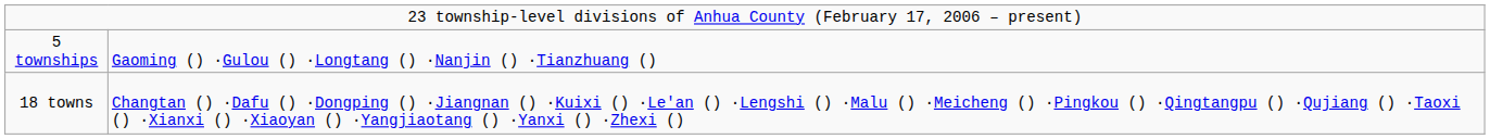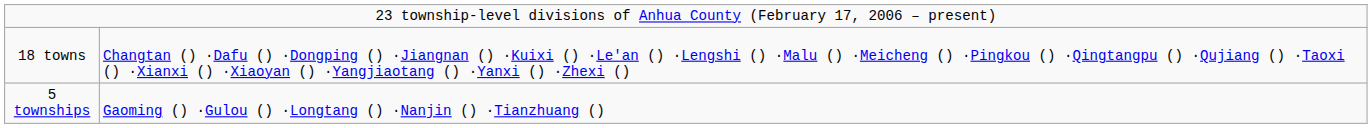 <table class="wikitable">
 <tr>
 <td style="text-align:center;" colspan="2">23 township-level divisions of <a href='#'>Anhua County</a> (February 17, 2006 – present)</td>
 </tr>
 <tr align=left>
+<td align=center>18 towns</td>
+<td><br><a href='#'>Changtan</a> () ·<a href='#'>Dafu</a> () ·<a href='#'>Dongping</a> () ·<a href='#'>Jiangnan</a> () ·<a href='#'>Kuixi</a> () ·<a href='#'>Le'an</a> () ·<a href='#'>Lengshi</a> () ·<a href='#'>Malu</a> () ·<a href='#'>Meicheng</a> () ·<a href='#'>Pingkou</a> () ·<a href='#'>Qingtangpu</a> () ·<a href='#'>Qujiang</a> () ·<a href='#'>Taoxi</a> () ·<a href='#'>Xianxi</a> () ·<a href='#'>Xiaoyan</a> () ·<a href='#'>Yangjiaotang</a> () ·<a href='#'>Yanxi</a> () ·<a href='#'>Zhexi</a> ()</td>
+</tr>
+<tr align=left>
 <td align=center>5 <a href='#'>townships</a></td>
 <td><br><a href='#'>Gaoming</a> () ·<a href='#'>Gulou</a> () ·<a href='#'>Longtang</a> () ·<a href='#'>Nanjin</a> () ·<a href='#'>Tianzhuang</a> ()</td>
 </tr>
-<tr align=left>
-<td align=center>18 towns</td>
-<td><br><a href='#'>Changtan</a> () ·<a href='#'>Dafu</a> () ·<a href='#'>Dongping</a> () ·<a href='#'>Jiangnan</a> () ·<a href='#'>Kuixi</a> () ·<a href='#'>Le'an</a> () ·<a href='#'>Lengshi</a> () ·<a href='#'>Malu</a> () ·<a href='#'>Meicheng</a> () ·<a href='#'>Pingkou</a> () ·<a href='#'>Qingtangpu</a> () ·<a href='#'>Qujiang</a> () ·<a href='#'>Taoxi</a> () ·<a href='#'>Xianxi</a> () ·<a href='#'>Xiaoyan</a> () ·<a href='#'>Yangjiaotang</a> () ·<a href='#'>Yanxi</a> () ·<a href='#'>Zhexi</a> ()</td>
-</tr>
 </table>
